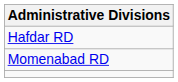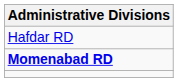 <table class="wikitable">
 <tr>
 <th>Administrative Divisions</th>
 </tr>
 <tr>
 <td><a href='#'>Hafdar RD</a></td>
 </tr>
 <tr>
-<td><a href='#'>Momenabad RD</a></td>
+<td><strong><a href='#'>Momenabad RD</a></strong></td>
 </tr>
 <tr>
 <td colspan=1></td>
 </tr>
 </table>
